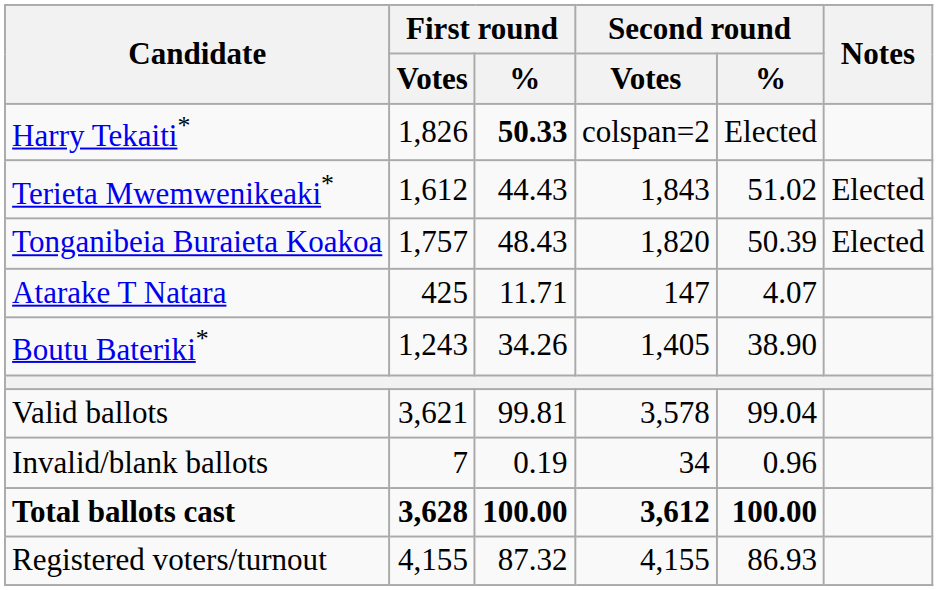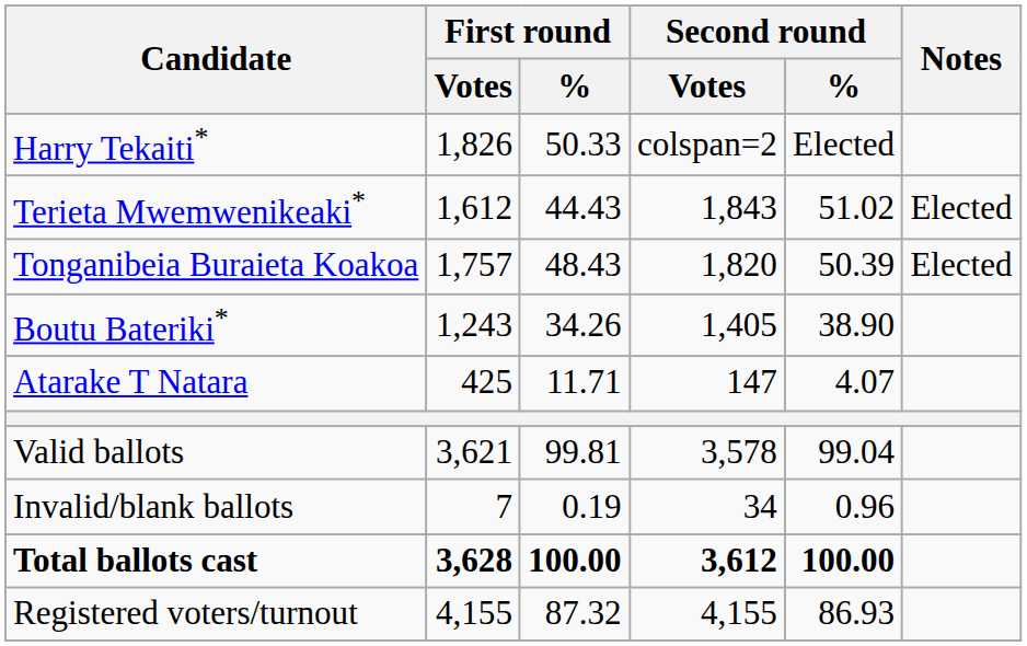 <table class=wikitable style=text-align:right>
 <tr>
 <th rowspan=2>Candidate</th>
 <th colspan=2>First round</th>
 <th colspan=2>Second round</th>
 <th rowspan=2>Notes</th>
 </tr>
 <tr>
 <th>Votes</th>
 <th>%</th>
 <th>Votes</th>
 <th>%</th>
 </tr>
 <tr>
 <td align=left><a href='#'>Harry Tekaiti</a><sup>*</sup></td>
 <td>1,826</td>
-<td><strong>50.33</strong></td>
+<td>50.33</td>
 <td>colspan=2 </td>
 <td>Elected</td>
 </tr>
 <tr>
 <td align=left><a href='#'>Terieta Mwemwenikeaki</a><sup>*</sup></td>
 <td>1,612</td>
 <td>44.43</td>
 <td>1,843</td>
 <td>51.02</td>
 <td>Elected</td>
 </tr>
 <tr>
 <td align=left><a href='#'>Tonganibeia Buraieta Koakoa</a></td>
 <td>1,757</td>
 <td>48.43</td>
 <td>1,820</td>
 <td>50.39</td>
 <td>Elected</td>
 </tr>
 <tr>
+<td align=left><a href='#'>Boutu Bateriki</a><sup>*</sup></td>
+<td>1,243</td>
+<td>34.26</td>
+<td>1,405</td>
+<td>38.90</td>
+<td></td>
+</tr>
+<tr>
 <td align=left><a href='#'>Atarake T Natara</a></td>
 <td>425</td>
 <td>11.71</td>
 <td>147</td>
 <td>4.07</td>
-<td></td>
-</tr>
-<tr>
-<td align=left><a href='#'>Boutu Bateriki</a><sup>*</sup></td>
-<td>1,243</td>
-<td>34.26</td>
-<td>1,405</td>
-<td>38.90</td>
 <td></td>
 </tr>
 <tr>
 <th colspan=6></th>
 </tr>
 <tr>
 <td align=left>Valid ballots</td>
 <td>3,621</td>
 <td>99.81</td>
 <td>3,578</td>
 <td>99.04</td>
 <td></td>
 </tr>
 <tr>
 <td align=left>Invalid/blank ballots</td>
 <td>7</td>
 <td>0.19</td>
 <td>34</td>
 <td>0.96</td>
 <td></td>
 </tr>
 <tr style="font-weight:bold">
 <td align=left>Total ballots cast</td>
 <td>3,628</td>
 <td>100.00</td>
 <td>3,612</td>
 <td>100.00</td>
 <td></td>
 </tr>
 <tr>
 <td align=left>Registered voters/turnout</td>
 <td>4,155</td>
 <td>87.32</td>
 <td>4,155</td>
 <td>86.93</td>
 <td></td>
 </tr>
 </table>
